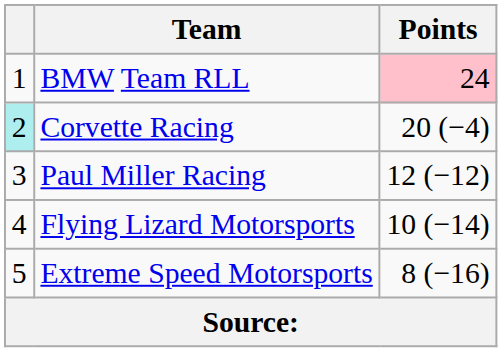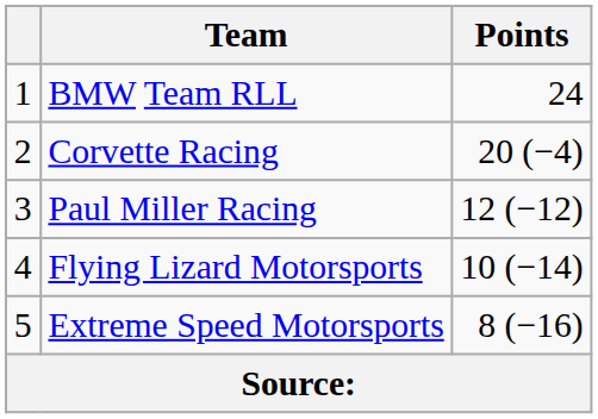 <table class="wikitable" style="font-size: 95%;">
 <tr>
 <th scope="col"></th>
 <th scope="col">Team</th>
 <th scope="col">Points</th>
 </tr>
 <tr>
 <td align=center>1</td>
 <td> <a href='#'>BMW</a> <a href='#'>Team RLL</a></td>
-<td align=right style="background: pink;">24</td>
+<td align=right>24</td>
 </tr>
 <tr>
-<td align=center style="background: paleturquoise;">2</td>
+<td align=center>2</td>
 <td> <a href='#'>Corvette Racing</a></td>
 <td align=right>20 (−4)</td>
 </tr>
 <tr>
 <td align=center>3</td>
 <td> <a href='#'>Paul Miller Racing</a></td>
 <td align=right>12 (−12)</td>
 </tr>
 <tr>
 <td align=center>4</td>
 <td> <a href='#'>Flying Lizard Motorsports</a></td>
 <td align=right>10 (−14)</td>
 </tr>
 <tr>
 <td align=center>5</td>
 <td> <a href='#'>Extreme Speed Motorsports</a></td>
 <td align=right>8 (−16)</td>
 </tr>
 <tr>
 <th colspan=4>Source:</th>
 </tr>
 </table>
